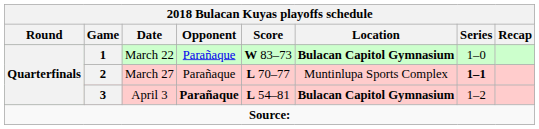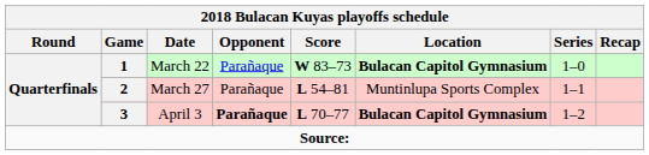 <table class="wikitable" style="text-align:center">
 <tr>
 <th colspan=8>2018 Bulacan Kuyas playoffs schedule</th>
 </tr>
 <tr>
 <th>Round</th>
 <th>Game</th>
 <th>Date</th>
 <th>Opponent</th>
 <th>Score</th>
 <th>Location</th>
 <th>Series</th>
 <th>Recap</th>
 </tr>
 <tr style="background:#cfc">
 <th rowspan=3>Quarterfinals</th>
 <th>1</th>
 <td>March 22</td>
 <td><a href='#'>Parañaque</a></td>
 <td><strong>W</strong> 83–73</td>
 <td><strong>Bulacan Capitol Gymnasium</strong></td>
 <td>1–0</td>
 <td></td>
 </tr>
 <tr style="background:#fcc">
 <th>2</th>
 <td>March 27</td>
 <td>Parañaque</td>
-<td><strong>L</strong> 70–77</td>
+<td><strong>L</strong> 54–81</td>
 <td>Muntinlupa Sports Complex</td>
-<td><strong>1–1</strong></td>
+<td>1–1</td>
 <td></td>
 </tr>
 <tr style="background:#fcc">
 <th>3</th>
 <td>April 3</td>
 <td><strong>Parañaque</strong></td>
-<td><strong>L</strong> 54–81</td>
+<td><strong>L</strong> 70–77</td>
 <td><strong>Bulacan Capitol Gymnasium</strong></td>
 <td>1–2</td>
 <td></td>
 </tr>
 <tr>
 <td colspan=8 align=center><strong>Source: </strong></td>
 </tr>
 </table>
